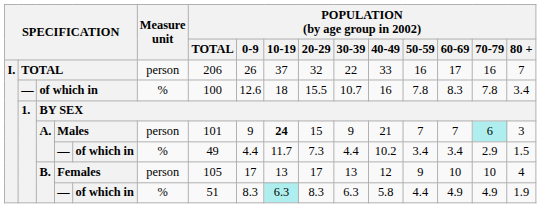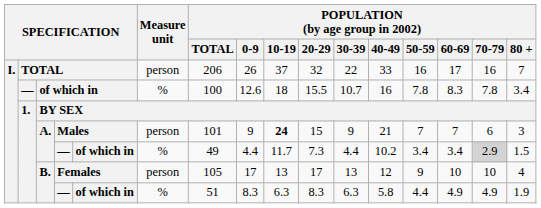 <table class="wikitable" style="font-size:85%; text-align:center">
 <tr>
 <th rowspan="2" colspan="5">SPECIFICATION</th>
 <th rowspan="2">Measure<br> unit</th>
 <th colspan="10" rowspan="1">POPULATION<br> (by age group in 2002)</th>
 </tr>
 <tr>
 <th>TOTAL</th>
 <th>0-9</th>
 <th>10-19</th>
 <th>20-29</th>
 <th>30-39</th>
 <th>40-49</th>
 <th>50-59</th>
 <th>60-69</th>
 <th>70-79</th>
 <th>80 +</th>
 </tr>
 <tr>
 <th style="text-align:left" valign="top" rowspan="7">I.</th>
 <th style="text-align:left" colspan="4">TOTAL</th>
 <td>person</td>
 <td>206</td>
 <td>26</td>
 <td>37</td>
 <td>32</td>
 <td>22</td>
 <td>33</td>
 <td>16</td>
 <td>17</td>
 <td>16</td>
 <td>7</td>
 </tr>
 <tr>
 <th style="text-align:left" valign="top">—</th>
 <th style="text-align:left" colspan="3">of which in</th>
 <td>%</td>
 <td>100</td>
 <td>12.6</td>
 <td>18</td>
 <td>15.5</td>
 <td>10.7</td>
 <td>16</td>
 <td>7.8</td>
 <td>8.3</td>
 <td>7.8</td>
 <td>3.4</td>
 </tr>
 <tr>
 <th style="text-align:left" valign="top" rowspan="5">1.</th>
 <th style="text-align:left" colspan="14">BY SEX</th>
 </tr>
 <tr>
 <th style="text-align:left" valign="top" rowspan="2">A.</th>
 <th style="text-align:left" colspan="2">Males</th>
 <td>person</td>
 <td>101</td>
 <td>9</td>
 <td><strong>24</strong></td>
 <td>15</td>
 <td>9</td>
 <td>21</td>
 <td>7</td>
 <td>7</td>
-<td style="background: paleturquoise;">6</td>
+<td>6</td>
 <td>3</td>
 </tr>
 <tr>
 <th style="text-align:left" valign="top">—</th>
 <th style="text-align:left" colspan="1">of which in</th>
 <td>%</td>
 <td>49</td>
 <td>4.4</td>
 <td>11.7</td>
 <td>7.3</td>
 <td>4.4</td>
 <td>10.2</td>
 <td>3.4</td>
 <td>3.4</td>
-<td>2.9</td>
+<td style="background: lightgrey;">2.9</td>
 <td>1.5</td>
 </tr>
 <tr>
 <th style="text-align:left" valign="top" rowspan="2">B.</th>
 <th style="text-align:left" colspan="2">Females</th>
 <td>person</td>
 <td>105</td>
 <td>17</td>
 <td>13</td>
 <td>17</td>
 <td>13</td>
 <td>12</td>
 <td>9</td>
 <td>10</td>
 <td>10</td>
 <td>4</td>
 </tr>
 <tr>
 <th style="text-align:left" valign="top">—</th>
 <th style="text-align:left" colspan="1">of which in</th>
 <td>%</td>
 <td>51</td>
 <td>8.3</td>
-<td style="background: paleturquoise;">6.3</td>
+<td>6.3</td>
 <td>8.3</td>
 <td>6.3</td>
 <td>5.8</td>
 <td>4.4</td>
 <td>4.9</td>
 <td>4.9</td>
 <td>1.9</td>
 </tr>
 </table>
